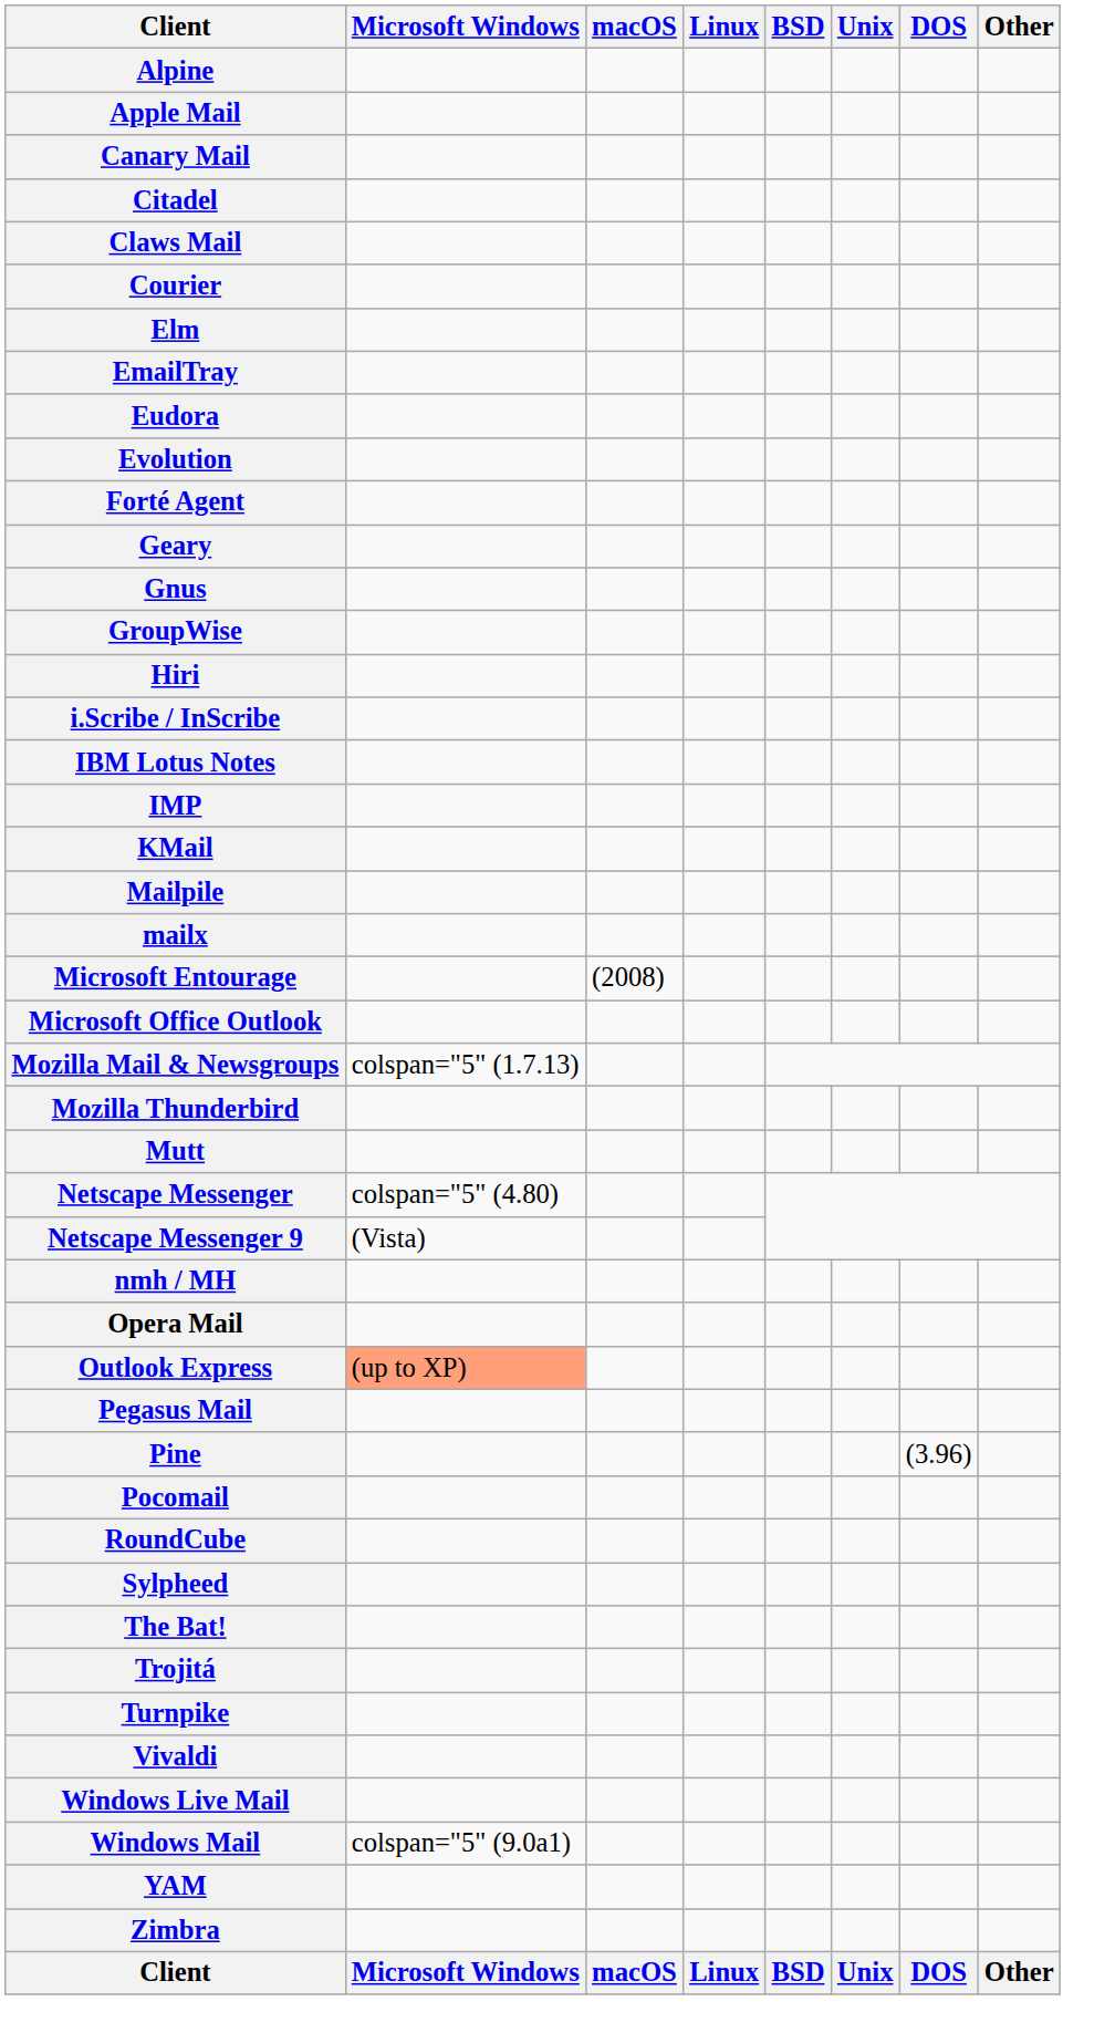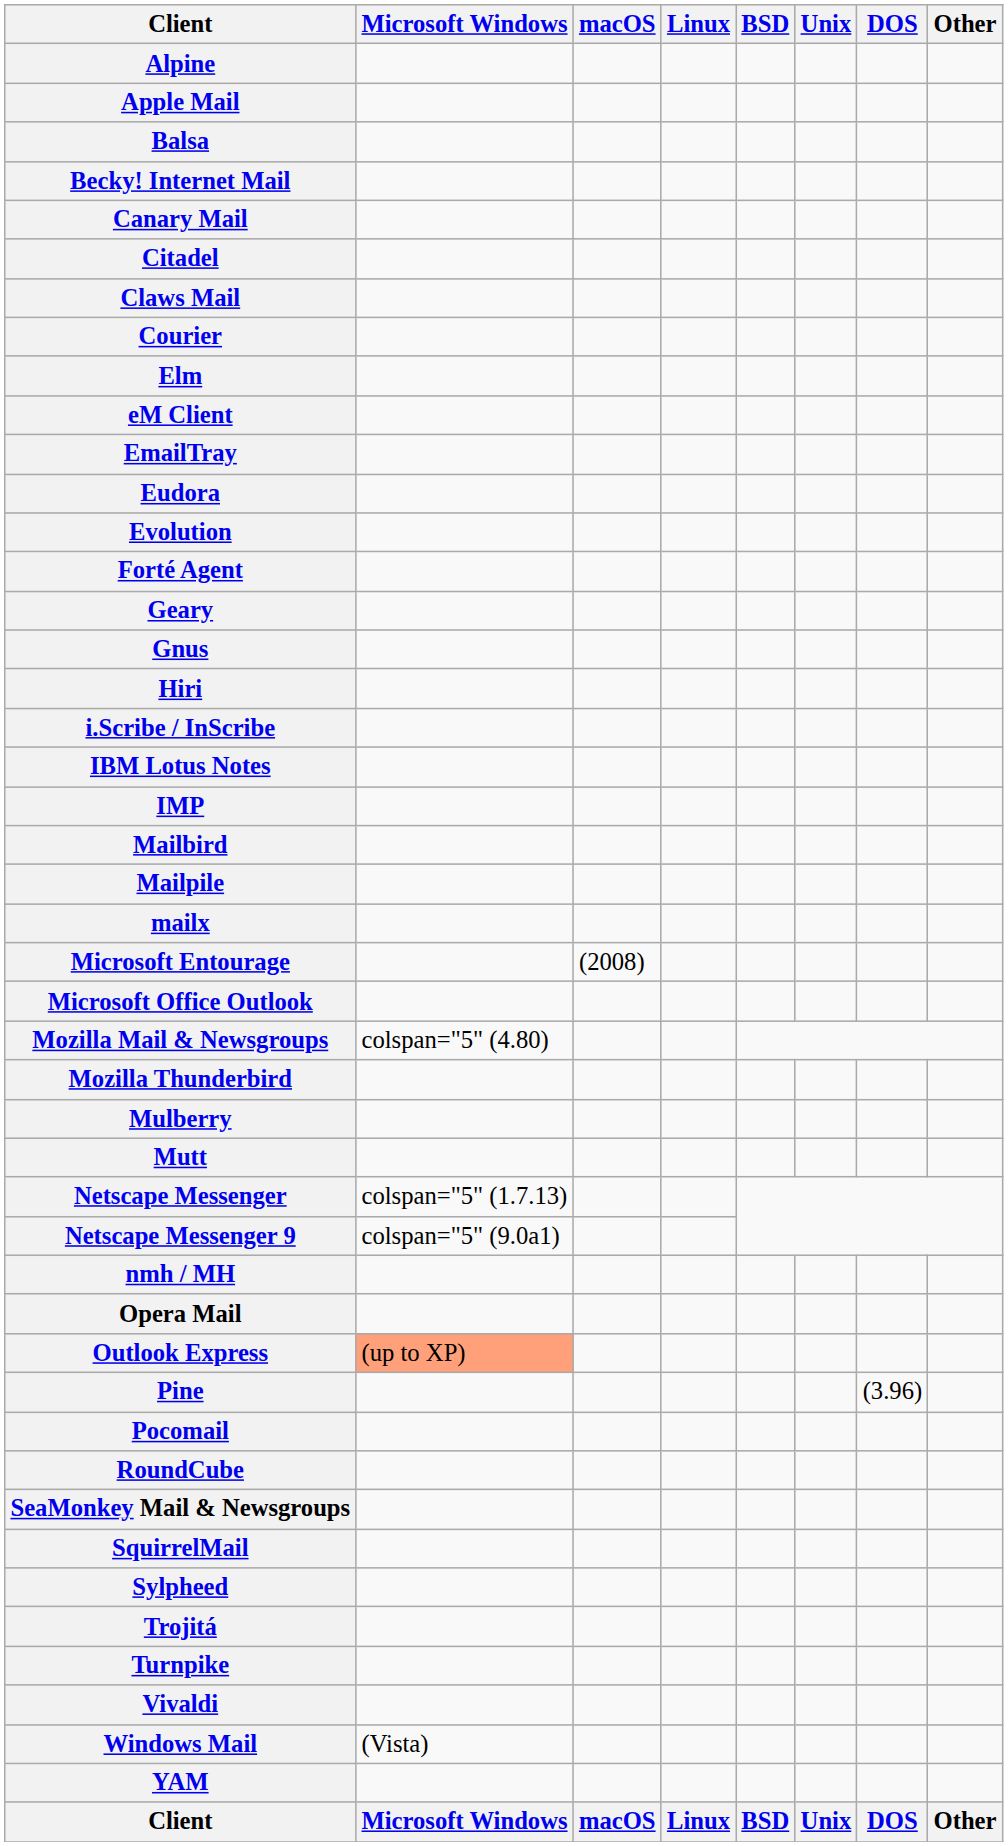 <table class="wikitable sortable sticky-header">
 <tr>
 <th>Client</th>
 <th><a href='#'>Microsoft Windows</a></th>
 <th><a href='#'>macOS</a></th>
 <th><a href='#'>Linux</a></th>
 <th><a href='#'>BSD</a></th>
 <th><a href='#'>Unix</a></th>
 <th><a href='#'>DOS</a></th>
 <th>Other</th>
 </tr>
 <tr>
 <th><a href='#'>Alpine</a></th>
 <td></td>
 <td></td>
 <td></td>
 <td></td>
 <td></td>
 <td></td>
 <td></td>
 </tr>
 <tr>
 <th><a href='#'>Apple Mail</a></th>
+<td></td>
+<td></td>
+<td></td>
+<td></td>
+<td></td>
+<td></td>
+<td></td>
+</tr>
+<tr>
+<th><a href='#'>Balsa</a></th>
+<td></td>
+<td></td>
+<td></td>
+<td></td>
+<td></td>
+<td></td>
+<td></td>
+</tr>
+<tr>
+<th><a href='#'>Becky! Internet Mail</a></th>
 <td></td>
 <td></td>
 <td></td>
 <td></td>
 <td></td>
 <td></td>
 <td></td>
 </tr>
 <tr>
 <th><a href='#'>Canary Mail</a></th>
 <td></td>
 <td></td>
 <td></td>
 <td></td>
 <td></td>
 <td></td>
 <td></td>
 </tr>
 <tr>
 <th><a href='#'>Citadel</a></th>
 <td></td>
 <td></td>
 <td></td>
 <td></td>
 <td></td>
 <td></td>
 <td></td>
 </tr>
 <tr>
 <th><a href='#'>Claws Mail</a></th>
 <td></td>
 <td></td>
 <td></td>
 <td></td>
 <td></td>
 <td></td>
 <td></td>
 </tr>
 <tr>
 <th><a href='#'>Courier</a></th>
 <td></td>
 <td></td>
 <td></td>
 <td></td>
 <td></td>
 <td></td>
 <td></td>
 </tr>
 <tr>
 <th><a href='#'>Elm</a></th>
+<td></td>
+<td></td>
+<td></td>
+<td></td>
+<td></td>
+<td></td>
+<td></td>
+</tr>
+<tr>
+<th><a href='#'>eM Client</a></th>
 <td></td>
 <td></td>
 <td></td>
 <td></td>
 <td></td>
 <td></td>
 <td></td>
 </tr>
 <tr>
 <th><a href='#'>EmailTray</a></th>
 <td></td>
 <td></td>
 <td></td>
 <td></td>
 <td></td>
 <td></td>
 <td></td>
 </tr>
 <tr>
 <th><a href='#'>Eudora</a></th>
 <td></td>
 <td></td>
 <td></td>
 <td></td>
 <td></td>
 <td></td>
 <td></td>
 </tr>
 <tr>
 <th><a href='#'>Evolution</a></th>
 <td> </td>
 <td></td>
 <td></td>
 <td></td>
 <td></td>
 <td></td>
 <td></td>
 </tr>
 <tr>
 <th><a href='#'>Forté Agent</a></th>
 <td></td>
 <td></td>
 <td></td>
 <td></td>
 <td></td>
 <td></td>
 <td></td>
 </tr>
 <tr>
 <th><a href='#'>Geary</a></th>
 <td></td>
 <td></td>
 <td></td>
 <td></td>
 <td></td>
 <td></td>
 <td></td>
 </tr>
 <tr>
 <th><a href='#'>Gnus</a></th>
 <td></td>
 <td></td>
 <td></td>
 <td></td>
 <td></td>
 <td></td>
 <td></td>
 </tr>
 <tr>
-<th><a href='#'>GroupWise</a></th>
-<td></td>
-<td></td>
-<td></td>
-<td></td>
-<td></td>
-<td></td>
-<td></td>
-</tr>
-<tr>
 <th><a href='#'>Hiri</a></th>
 <td></td>
 <td></td>
 <td></td>
 <td></td>
 <td></td>
 <td></td>
 <td></td>
 </tr>
 <tr>
 <th><a href='#'>i.Scribe / InScribe</a></th>
 <td></td>
 <td></td>
 <td></td>
 <td></td>
 <td></td>
 <td></td>
 <td></td>
 </tr>
 <tr>
 <th><a href='#'>IBM Lotus Notes</a></th>
 <td></td>
 <td></td>
 <td></td>
 <td></td>
 <td></td>
 <td></td>
 <td></td>
 </tr>
 <tr>
 <th><a href='#'>IMP</a></th>
 <td></td>
 <td></td>
 <td></td>
 <td></td>
 <td></td>
 <td></td>
 <td></td>
 </tr>
 <tr>
-<th><a href='#'>KMail</a></th>
+<th><a href='#'>Mailbird</a></th>
 <td></td>
 <td></td>
 <td></td>
 <td></td>
 <td></td>
 <td></td>
 <td></td>
 </tr>
 <tr>
 <th><a href='#'>Mailpile</a></th>
 <td> </td>
 <td> </td>
 <td></td>
 <td> </td>
 <td> </td>
 <td>  </td>
 <td>  </td>
 </tr>
 <tr>
 <th><a href='#'>mailx</a></th>
 <td></td>
 <td></td>
 <td></td>
 <td></td>
 <td></td>
 <td></td>
 <td></td>
 </tr>
 <tr>
 <th><a href='#'>Microsoft Entourage</a></th>
 <td></td>
 <td> (2008)</td>
 <td></td>
 <td></td>
 <td></td>
 <td></td>
 <td></td>
 </tr>
 <tr>
 <th><a href='#'>Microsoft Office Outlook</a></th>
 <td></td>
 <td></td>
 <td></td>
 <td></td>
 <td></td>
 <td></td>
 <td></td>
 </tr>
 <tr>
 <th><a href='#'>Mozilla Mail & Newsgroups</a></th>
-<td>colspan="5"  (1.7.13)</td>
+<td>colspan="5"  (4.80)</td>
 <td></td>
 <td></td>
 </tr>
 <tr>
 <th><a href='#'>Mozilla Thunderbird</a></th>
+<td></td>
+<td></td>
+<td></td>
+<td></td>
+<td></td>
+<td></td>
+<td></td>
+</tr>
+<tr>
+<th><a href='#'>Mulberry</a></th>
 <td></td>
 <td></td>
 <td></td>
 <td></td>
 <td></td>
 <td></td>
 <td></td>
 </tr>
 <tr>
 <th><a href='#'>Mutt</a></th>
 <td></td>
 <td></td>
 <td></td>
 <td></td>
 <td></td>
 <td></td>
 <td></td>
 </tr>
 <tr>
 <th><a href='#'>Netscape Messenger</a></th>
-<td>colspan="5"  (4.80)</td>
+<td>colspan="5"  (1.7.13)</td>
 <td></td>
 <td></td>
 </tr>
 <tr>
 <th><a href='#'>Netscape Messenger 9</a></th>
-<td> (Vista)</td>
+<td>colspan="5"  (9.0a1)</td>
 <td></td>
 <td></td>
 </tr>
 <tr>
 <th><a href='#'>nmh / MH</a></th>
 <td></td>
 <td></td>
 <td></td>
 <td></td>
 <td></td>
 <td></td>
 <td></td>
 </tr>
 <tr>
 <th>Opera Mail</th>
 <td></td>
 <td></td>
 <td></td>
 <td></td>
 <td></td>
 <td></td>
 <td></td>
 </tr>
 <tr>
 <th><a href='#'>Outlook Express</a></th>
 <td style="background: lightsalmon;"> (up to XP)</td>
-<td></td>
-<td></td>
-<td></td>
-<td></td>
-<td></td>
-<td></td>
-</tr>
-<tr>
-<th><a href='#'>Pegasus Mail</a></th>
-<td></td>
 <td></td>
 <td></td>
 <td></td>
 <td></td>
 <td></td>
 <td></td>
 </tr>
 <tr>
 <th><a href='#'>Pine</a></th>
 <td></td>
 <td></td>
 <td></td>
 <td></td>
 <td></td>
 <td> (3.96)</td>
 <td></td>
 </tr>
 <tr>
 <th><a href='#'>Pocomail</a></th>
 <td></td>
 <td></td>
 <td></td>
 <td></td>
 <td></td>
 <td></td>
 <td></td>
 </tr>
 <tr>
 <th><a href='#'>RoundCube</a></th>
 <td></td>
 <td></td>
 <td></td>
 <td></td>
 <td></td>
 <td></td>
 <td></td>
 </tr>
 <tr>
-<th><a href='#'>Sylpheed</a></th>
+<th><a href='#'>SeaMonkey</a> Mail & Newsgroups</th>
 <td></td>
 <td></td>
 <td></td>
 <td></td>
 <td></td>
 <td></td>
 <td></td>
 </tr>
 <tr>
-<th><a href='#'>The Bat!</a></th>
+<th><a href='#'>SquirrelMail</a></th>
+<td></td>
+<td></td>
+<td></td>
+<td></td>
+<td></td>
+<td></td>
+<td></td>
+</tr>
+<tr>
+<th><a href='#'>Sylpheed</a></th>
 <td></td>
 <td></td>
 <td></td>
 <td></td>
 <td></td>
 <td></td>
 <td></td>
 </tr>
 <tr>
 <th><a href='#'>Trojitá</a></th>
 <td></td>
 <td></td>
 <td></td>
 <td></td>
 <td></td>
 <td></td>
 <td></td>
 </tr>
 <tr>
 <th><a href='#'>Turnpike</a></th>
 <td></td>
 <td></td>
 <td></td>
 <td></td>
 <td></td>
 <td></td>
 <td></td>
 </tr>
 <tr>
 <th><a href='#'>Vivaldi</a></th>
 <td></td>
 <td></td>
 <td></td>
 <td></td>
 <td></td>
 <td></td>
 <td></td>
 </tr>
 <tr>
-<th><a href='#'>Windows Live Mail</a></th>
-<td></td>
-<td></td>
-<td></td>
-<td></td>
-<td></td>
-<td></td>
-<td></td>
-</tr>
-<tr>
 <th><a href='#'>Windows Mail</a></th>
-<td>colspan="5"  (9.0a1)</td>
+<td> (Vista)</td>
 <td></td>
 <td></td>
 <td></td>
 <td></td>
 <td></td>
 <td></td>
 </tr>
 <tr>
 <th><a href='#'>YAM</a></th>
-<td></td>
-<td></td>
-<td></td>
-<td></td>
-<td></td>
-<td></td>
-<td></td>
-</tr>
-<tr>
-<th><a href='#'>Zimbra</a></th>
 <td></td>
 <td></td>
 <td></td>
 <td></td>
 <td></td>
 <td></td>
 <td></td>
 </tr>
 <tr class="sortbottom">
 <th>Client</th>
 <th><a href='#'>Microsoft Windows</a></th>
 <th><a href='#'>macOS</a></th>
 <th><a href='#'>Linux</a></th>
 <th><a href='#'>BSD</a></th>
 <th><a href='#'>Unix</a></th>
 <th><a href='#'>DOS</a></th>
 <th>Other</th>
 </tr>
 </table>
